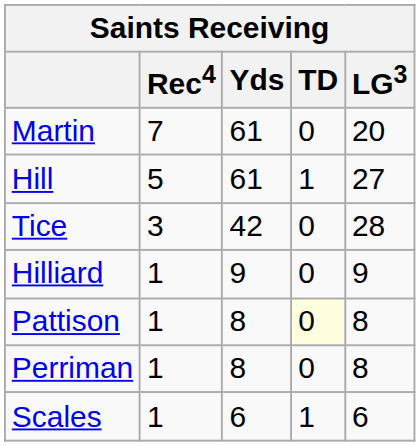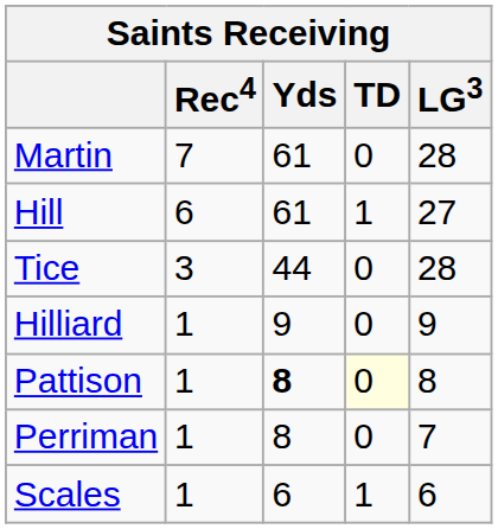 <table class="wikitable">
 <tr>
 <th colspan="5">Saints Receiving</th>
 </tr>
 <tr>
 <th></th>
 <th>Rec<sup>4</sup></th>
 <th>Yds</th>
 <th>TD</th>
 <th>LG<sup>3</sup></th>
 </tr>
 <tr>
 <td><a href='#'>Martin</a></td>
 <td>7</td>
 <td>61</td>
 <td>0</td>
-<td>20</td>
+<td>28</td>
 </tr>
 <tr>
 <td><a href='#'>Hill</a></td>
-<td>5</td>
+<td>6</td>
 <td>61</td>
 <td>1</td>
 <td>27</td>
 </tr>
 <tr>
 <td><a href='#'>Tice</a></td>
 <td>3</td>
-<td>42</td>
+<td>44</td>
 <td>0</td>
 <td>28</td>
 </tr>
 <tr>
 <td><a href='#'>Hilliard</a></td>
 <td>1</td>
 <td>9</td>
 <td>0</td>
 <td>9</td>
 </tr>
 <tr>
 <td><a href='#'>Pattison</a></td>
 <td>1</td>
-<td>8</td>
+<td><strong>8</strong></td>
 <td style="background: lightyellow;">0</td>
 <td>8</td>
 </tr>
 <tr>
 <td><a href='#'>Perriman</a></td>
 <td>1</td>
 <td>8</td>
 <td>0</td>
-<td>8</td>
+<td>7</td>
 </tr>
 <tr>
 <td><a href='#'>Scales</a></td>
 <td>1</td>
 <td>6</td>
 <td>1</td>
 <td>6</td>
 </tr>
 </table>
